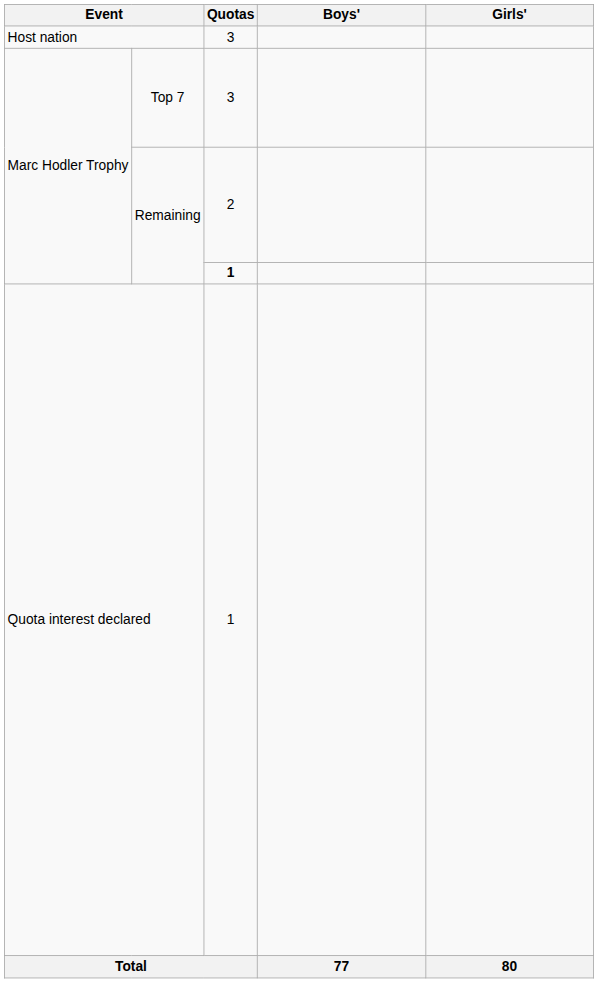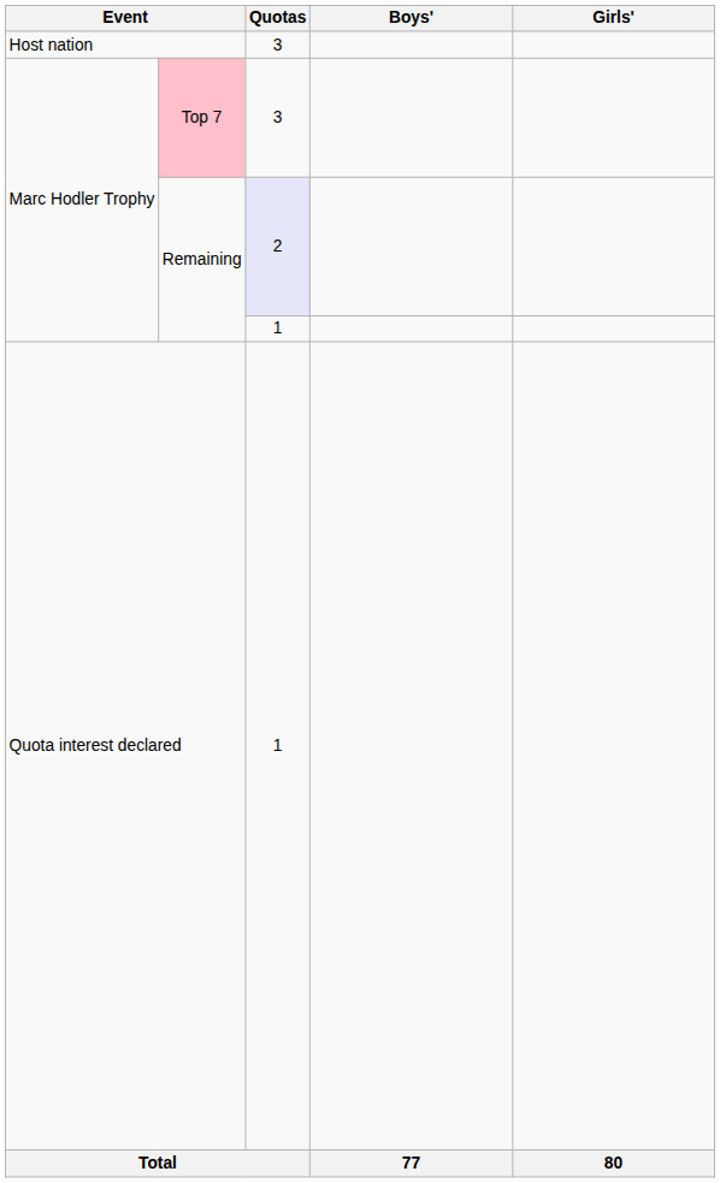 <table class="wikitable">
 <tr>
 <th colspan="2">Event</th>
 <th>Quotas</th>
 <th width=188>Boys'</th>
 <th width=188>Girls'</th>
 </tr>
 <tr>
 <td colspan=2>Host nation</td>
 <td align="center">3</td>
 <td></td>
 <td></td>
 </tr>
 <tr>
 <td rowspan="3">Marc Hodler Trophy</td>
-<td align="center">Top 7</td>
+<td align="center" style="background: pink;">Top 7</td>
 <td align="center">3</td>
 <td><br><br><br><br><br><br></td>
 <td><br><br><br><br><br><br></td>
 </tr>
 <tr>
 <td rowspan="2" align="center">Remaining</td>
-<td align="center">2</td>
+<td align="center" style="background: lavender;">2</td>
 <td><br><br><br><br><br></td>
 <td><br><s></s><br><br><br><br><s></s><br><br></td>
 </tr>
 <tr>
-<td align="center"><strong>1</strong></td>
+<td align="center">1</td>
 <td><br></td>
 <td></td>
 </tr>
 <tr>
 <td colspan=2>Quota interest declared</td>
 <td align="center">1</td>
 <td><br><br><br><br><br><br><br><br><br><br><br><br><br><br><br><br><br><br><br><br><br><br><br><br><br><br><br><br><br><br><br><br><br><br><br><br><br><br></td>
 <td><br><br><br><br><br><br><br><br><br><br><br><br><br><br><br><br><br><br><br><br><br><br><br><br><br><br><br><br><br><br><br><br><br><br><br><br><br><br><br><br><br><br><br></td>
 </tr>
 <tr>
 <th colspan="3">Total</th>
 <th>77</th>
 <th>80</th>
 </tr>
 </table>
